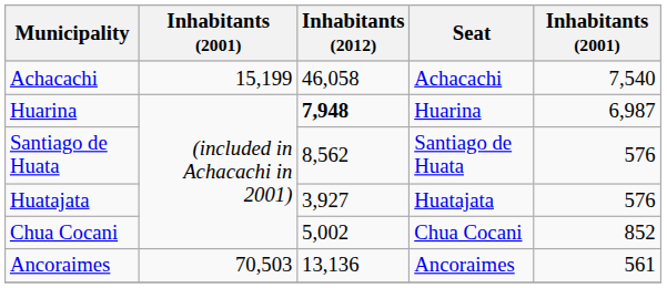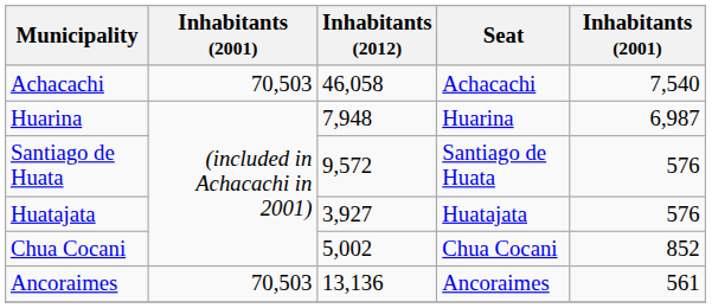 <table class="wikitable" border="1" style="width:40%;" border="1">
 <tr bgcolor=silver>
 <th><strong>Municipality</strong></th>
 <th><strong>Inhabitants</strong> <small> (2001) </small> </th>
 <th>Inhabitants<br><small>(2012)</small></th>
 <th><strong>Seat</strong></th>
 <th><strong>Inhabitants</strong> <small> (2001)</small></th>
 </tr>
 <tr>
 <td><a href='#'>Achacachi</a></td>
-<td align="right">15,199</td>
+<td align="right">70,503</td>
 <td>46,058</td>
 <td><a href='#'>Achacachi</a></td>
 <td align="right">7,540</td>
 </tr>
 <tr>
 <td><a href='#'>Huarina</a></td>
 <td rowspan="4" align="right"><em>(included in Achacachi in 2001)</em></td>
-<td><strong>7,948</strong></td>
+<td>7,948</td>
 <td><a href='#'>Huarina</a></td>
 <td align="right">6,987</td>
 </tr>
 <tr>
 <td><a href='#'>Santiago de Huata</a></td>
-<td>8,562</td>
+<td>9,572</td>
 <td><a href='#'>Santiago de Huata</a></td>
 <td align="right">576</td>
 </tr>
 <tr>
 <td><a href='#'>Huatajata</a></td>
 <td>3,927</td>
 <td><a href='#'>Huatajata</a></td>
 <td align="right">576</td>
 </tr>
 <tr>
 <td><a href='#'>Chua Cocani</a></td>
 <td>5,002</td>
 <td><a href='#'>Chua Cocani</a></td>
 <td align="right">852</td>
 </tr>
 <tr>
 <td><a href='#'>Ancoraimes</a></td>
 <td align="right">70,503</td>
 <td>13,136</td>
 <td><a href='#'>Ancoraimes</a></td>
 <td align="right">561</td>
 </tr>
 <tr>
 </tr>
 </table>
